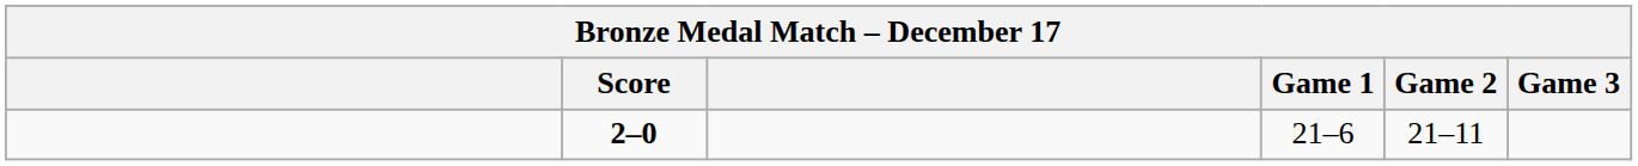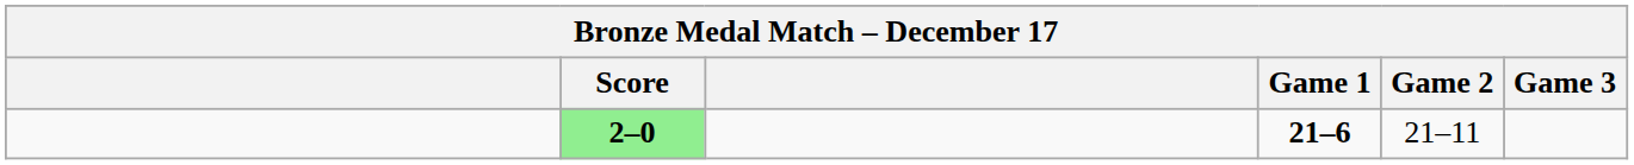 <table class="wikitable" style="text-align: center; font-size:90% ">
 <tr>
 <th colspan=6>Bronze Medal Match – December 17</th>
 </tr>
 <tr>
 <th align="right" width="250"></th>
 <th width="60">Score</th>
 <th align="left" width="250"></th>
 <th width="50">Game 1</th>
 <th width="50">Game 2</th>
 <th width="50">Game 3</th>
 </tr>
 <tr>
 <td align=left><strong></strong></td>
-<td align=center><strong>2–0</strong></td>
+<td align=center style="background: lightgreen;"><strong>2–0</strong></td>
 <td align=left></td>
-<td>21–6</td>
+<td><strong>21–6</strong></td>
 <td>21–11</td>
 <td></td>
 </tr>
 </table>
